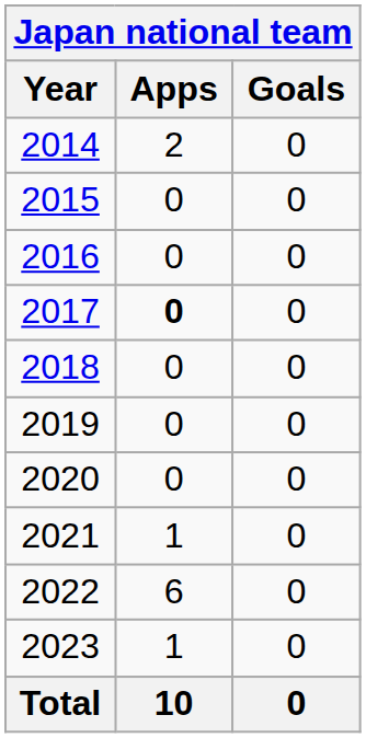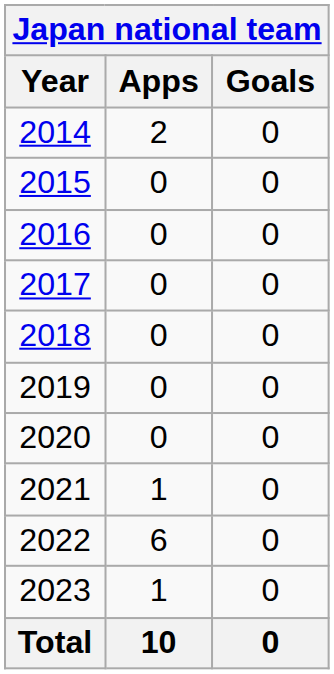 <table class="wikitable" style="text-align:center">
 <tr>
 <th colspan=3><a href='#'>Japan national team</a></th>
 </tr>
 <tr>
 <th>Year</th>
 <th>Apps</th>
 <th>Goals</th>
 </tr>
 <tr>
 <td><a href='#'>2014</a></td>
 <td>2</td>
 <td>0</td>
 </tr>
 <tr>
 <td><a href='#'>2015</a></td>
 <td>0</td>
 <td>0</td>
 </tr>
 <tr>
 <td><a href='#'>2016</a></td>
 <td>0</td>
 <td>0</td>
 </tr>
 <tr>
 <td><a href='#'>2017</a></td>
-<td><strong>0</strong></td>
+<td>0</td>
 <td>0</td>
 </tr>
 <tr>
 <td><a href='#'>2018</a></td>
 <td>0</td>
 <td>0</td>
 </tr>
 <tr>
 <td>2019</td>
 <td>0</td>
 <td>0</td>
 </tr>
 <tr>
 <td>2020</td>
 <td>0</td>
 <td>0</td>
 </tr>
 <tr>
 <td>2021</td>
 <td>1</td>
 <td>0</td>
 </tr>
 <tr>
 <td>2022</td>
 <td>6</td>
 <td>0</td>
 </tr>
 <tr>
 <td>2023</td>
 <td>1</td>
 <td>0</td>
 </tr>
 <tr>
 <th>Total</th>
 <th>10</th>
 <th>0</th>
 </tr>
 </table>
